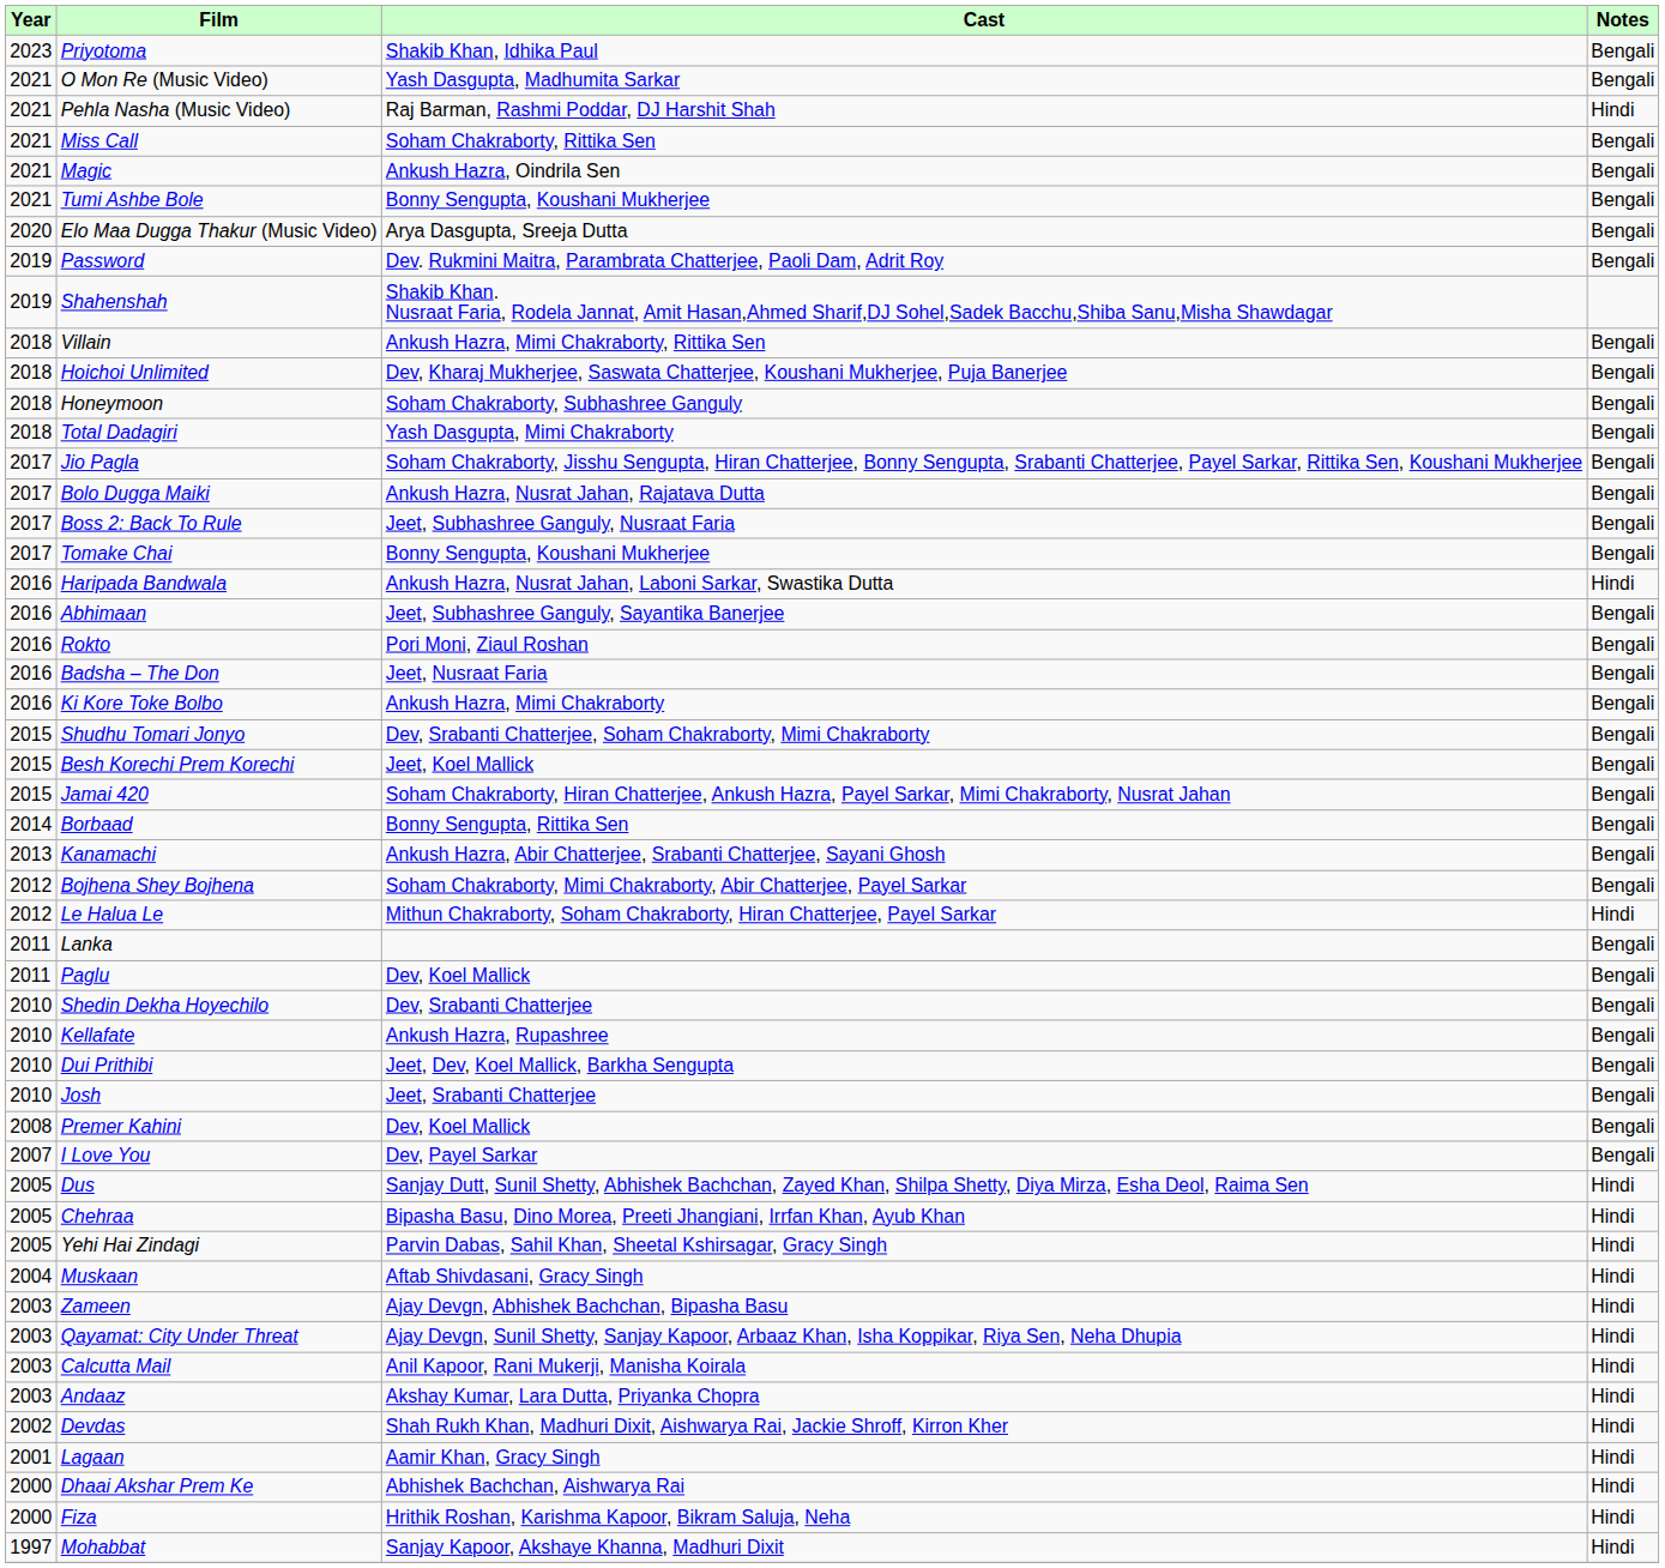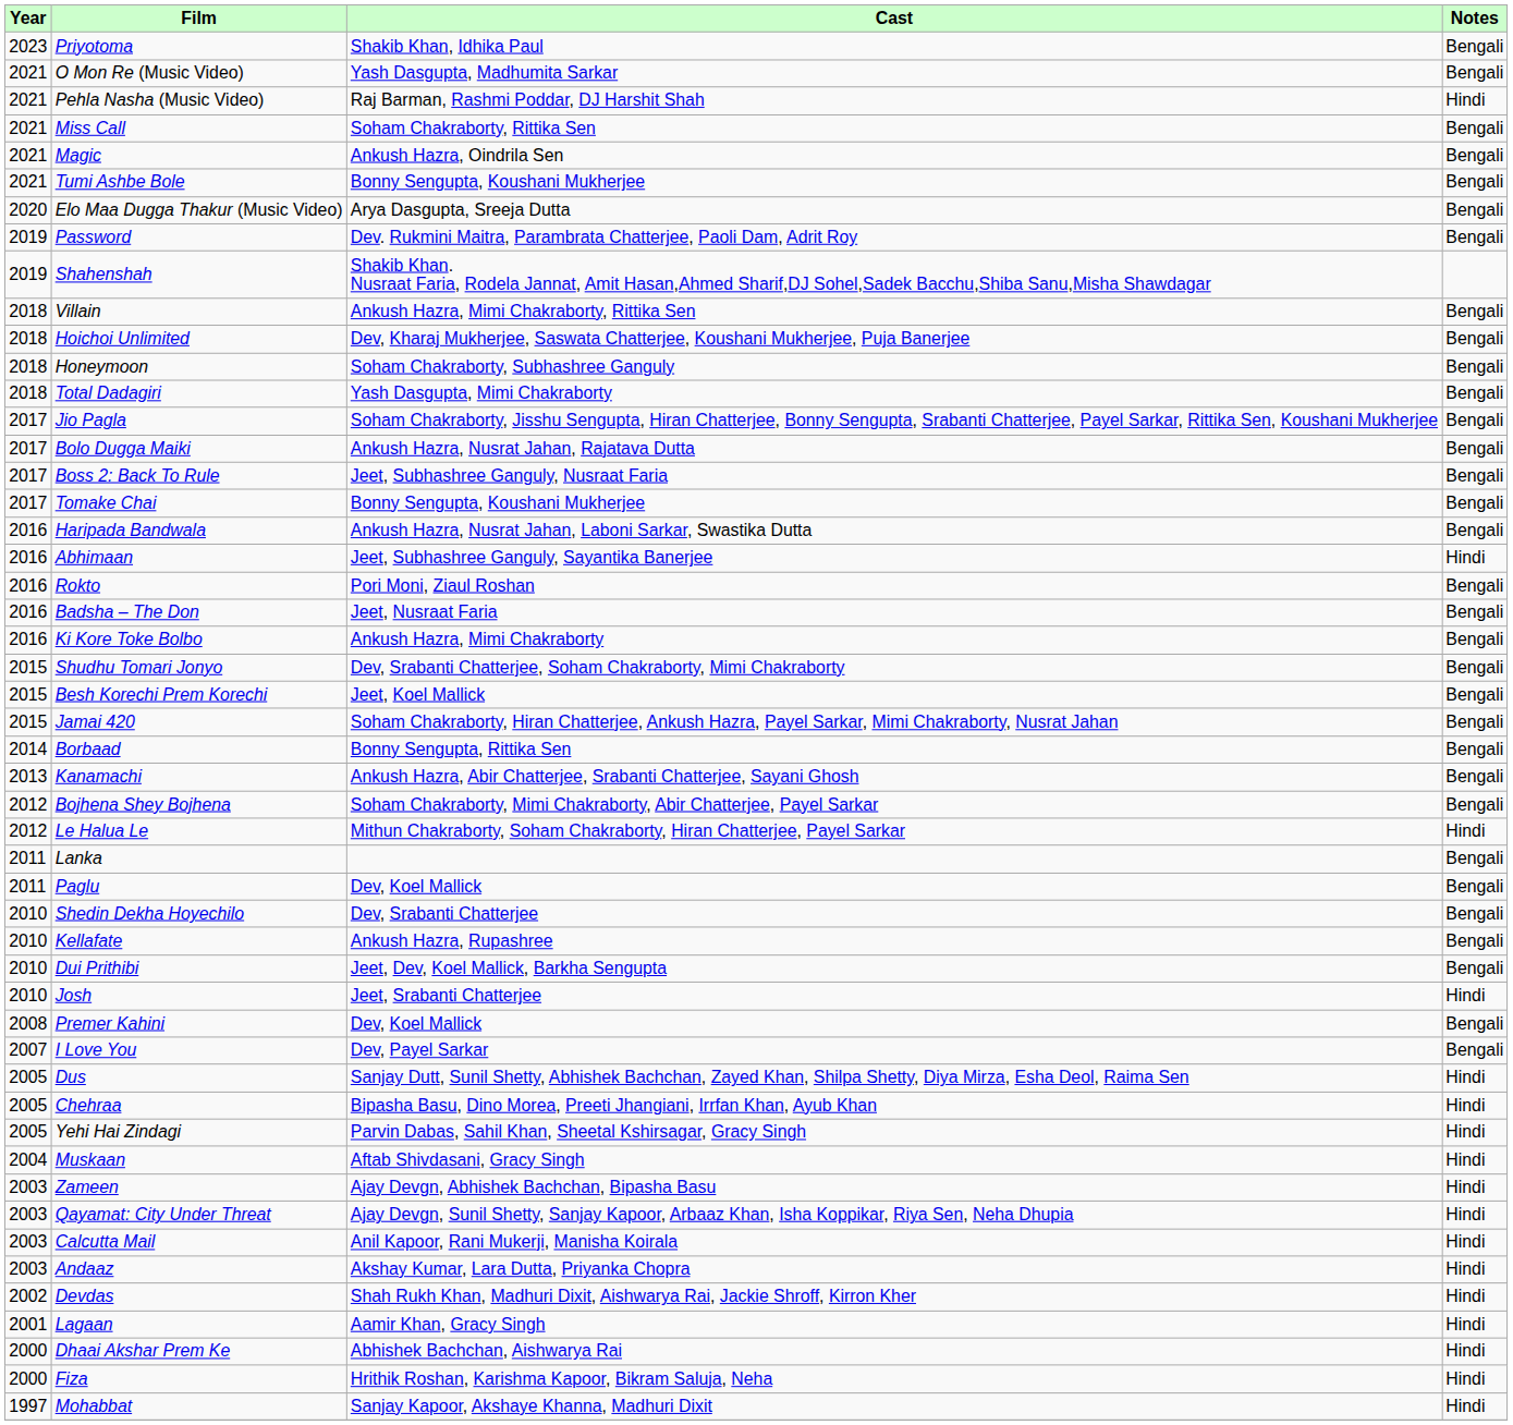 <table class="wikitable">
 <tr>
 <th style="background:#cfc; text-align:center;"><strong>Year</strong></th>
 <th style="background:#cfc; text-align:center;"><strong>Film</strong></th>
 <th style="background:#cfc; text-align:center;"><strong>Cast</strong></th>
 <th style="background:#cfc; text-align:center;"><strong>Notes</strong></th>
 </tr>
 <tr>
 <td>2023</td>
 <td><em><a href='#'>Priyotoma</a></em></td>
 <td><a href='#'>Shakib Khan</a>, <a href='#'>Idhika Paul</a></td>
 <td>Bengali</td>
 </tr>
 <tr>
 <td>2021</td>
 <td><em>O Mon Re</em> (Music Video)</td>
 <td><a href='#'>Yash Dasgupta</a>, <a href='#'>Madhumita Sarkar</a></td>
 <td>Bengali</td>
 </tr>
 <tr>
 <td>2021</td>
 <td><em>Pehla Nasha</em> (Music Video)</td>
 <td>Raj Barman, <a href='#'>Rashmi Poddar</a>, <a href='#'>DJ Harshit Shah</a></td>
 <td>Hindi</td>
 </tr>
 <tr>
 <td>2021</td>
 <td><em><a href='#'>Miss Call</a></em></td>
 <td><a href='#'>Soham Chakraborty</a>, <a href='#'>Rittika Sen</a></td>
 <td>Bengali</td>
 </tr>
 <tr>
 <td>2021</td>
 <td><em><a href='#'>Magic</a></em></td>
 <td><a href='#'>Ankush Hazra</a>, Oindrila Sen</td>
 <td>Bengali</td>
 </tr>
 <tr>
 <td>2021</td>
 <td><em><a href='#'>Tumi Ashbe Bole</a></em></td>
 <td><a href='#'>Bonny Sengupta</a>, <a href='#'>Koushani Mukherjee</a></td>
 <td>Bengali</td>
 </tr>
 <tr>
 <td>2020</td>
 <td><em>Elo Maa Dugga Thakur</em> (Music Video)</td>
 <td>Arya Dasgupta, Sreeja Dutta</td>
 <td>Bengali</td>
 </tr>
 <tr>
 <td>2019</td>
 <td><em><a href='#'>Password</a></em></td>
 <td><a href='#'>Dev</a>. <a href='#'>Rukmini Maitra</a>, <a href='#'>Parambrata Chatterjee</a>, <a href='#'>Paoli Dam</a>, <a href='#'>Adrit Roy</a></td>
 <td>Bengali</td>
 </tr>
 <tr>
 <td>2019</td>
 <td><em><a href='#'>Shahenshah</a></em></td>
 <td><a href='#'>Shakib Khan</a>.<br><a href='#'>Nusraat Faria</a>, <a href='#'>Rodela Jannat</a>, <a href='#'>Amit Hasan</a>,<a href='#'>Ahmed Sharif</a>,<a href='#'>DJ Sohel</a>,<a href='#'>Sadek Bacchu</a>,<a href='#'>Shiba Sanu</a>,<a href='#'>Misha Shawdagar</a></td>
 </tr>
 <tr>
 <td>2018</td>
 <td><em>Villain</em></td>
 <td><a href='#'>Ankush Hazra</a>, <a href='#'>Mimi Chakraborty</a>, <a href='#'>Rittika Sen</a></td>
 <td>Bengali</td>
 </tr>
 <tr>
 <td>2018</td>
 <td><em><a href='#'>Hoichoi Unlimited</a></em></td>
 <td><a href='#'>Dev</a>, <a href='#'>Kharaj Mukherjee</a>, <a href='#'>Saswata Chatterjee</a>, <a href='#'>Koushani Mukherjee</a>, <a href='#'>Puja Banerjee</a></td>
 <td>Bengali</td>
 </tr>
 <tr>
 <td>2018</td>
 <td><em>Honeymoon</em></td>
 <td><a href='#'>Soham Chakraborty</a>, <a href='#'>Subhashree Ganguly</a></td>
 <td>Bengali</td>
 </tr>
 <tr>
 <td>2018</td>
 <td><em><a href='#'>Total Dadagiri</a></em></td>
 <td><a href='#'>Yash Dasgupta</a>, <a href='#'>Mimi Chakraborty</a></td>
 <td>Bengali</td>
 </tr>
 <tr>
 <td>2017</td>
 <td><em><a href='#'>Jio Pagla</a></em></td>
 <td><a href='#'>Soham Chakraborty</a>, <a href='#'>Jisshu Sengupta</a>, <a href='#'>Hiran Chatterjee</a>, <a href='#'>Bonny Sengupta</a>, <a href='#'>Srabanti Chatterjee</a>, <a href='#'>Payel Sarkar</a>, <a href='#'>Rittika Sen</a>, <a href='#'>Koushani Mukherjee</a></td>
 <td>Bengali</td>
 </tr>
 <tr>
 <td>2017</td>
 <td><em><a href='#'>Bolo Dugga Maiki</a></em></td>
 <td><a href='#'>Ankush Hazra</a>, <a href='#'>Nusrat Jahan</a>, <a href='#'>Rajatava Dutta</a></td>
 <td>Bengali</td>
 </tr>
 <tr>
 <td>2017</td>
 <td><em><a href='#'>Boss 2: Back To Rule</a></em></td>
 <td><a href='#'>Jeet</a>, <a href='#'>Subhashree Ganguly</a>, <a href='#'>Nusraat Faria</a></td>
 <td>Bengali</td>
 </tr>
 <tr>
 <td>2017</td>
 <td><em><a href='#'>Tomake Chai</a></em></td>
 <td><a href='#'>Bonny Sengupta</a>, <a href='#'>Koushani Mukherjee</a></td>
 <td>Bengali</td>
 </tr>
 <tr>
 <td>2016</td>
 <td><em><a href='#'>Haripada Bandwala</a></em></td>
 <td><a href='#'>Ankush Hazra</a>, <a href='#'>Nusrat Jahan</a>, <a href='#'>Laboni Sarkar</a>, Swastika Dutta</td>
-<td>Hindi</td>
+<td>Bengali</td>
 </tr>
 <tr>
 <td>2016</td>
 <td><em><a href='#'>Abhimaan</a></em></td>
 <td><a href='#'>Jeet</a>, <a href='#'>Subhashree Ganguly</a>, <a href='#'>Sayantika Banerjee</a></td>
-<td>Bengali</td>
+<td>Hindi</td>
 </tr>
 <tr>
 <td>2016</td>
 <td><em><a href='#'>Rokto</a></em></td>
 <td><a href='#'>Pori Moni</a>, <a href='#'>Ziaul Roshan</a></td>
 <td>Bengali</td>
 </tr>
 <tr>
 <td>2016</td>
 <td><em><a href='#'>Badsha – The Don</a></em></td>
 <td><a href='#'>Jeet</a>, <a href='#'>Nusraat Faria</a></td>
 <td>Bengali</td>
 </tr>
 <tr>
 <td>2016</td>
 <td><em><a href='#'>Ki Kore Toke Bolbo</a></em></td>
 <td><a href='#'>Ankush Hazra</a>, <a href='#'>Mimi Chakraborty</a></td>
 <td>Bengali</td>
 </tr>
 <tr>
 <td>2015</td>
 <td><em><a href='#'>Shudhu Tomari Jonyo</a></em></td>
 <td><a href='#'>Dev</a>, <a href='#'>Srabanti Chatterjee</a>, <a href='#'>Soham Chakraborty</a>, <a href='#'>Mimi Chakraborty</a></td>
 <td>Bengali</td>
 </tr>
 <tr>
 <td>2015</td>
 <td><em><a href='#'>Besh Korechi Prem Korechi</a></em></td>
 <td><a href='#'>Jeet</a>, <a href='#'>Koel Mallick</a></td>
 <td>Bengali</td>
 </tr>
 <tr>
 <td>2015</td>
 <td><em><a href='#'>Jamai 420</a></em></td>
 <td><a href='#'>Soham Chakraborty</a>, <a href='#'>Hiran Chatterjee</a>, <a href='#'>Ankush Hazra</a>, <a href='#'>Payel Sarkar</a>, <a href='#'>Mimi Chakraborty</a>, <a href='#'>Nusrat Jahan</a></td>
 <td>Bengali</td>
 </tr>
 <tr>
 <td>2014</td>
 <td><em><a href='#'>Borbaad</a></em></td>
 <td><a href='#'>Bonny Sengupta</a>, <a href='#'>Rittika Sen</a></td>
 <td>Bengali</td>
 </tr>
 <tr>
 <td>2013</td>
 <td><em><a href='#'>Kanamachi</a></em></td>
 <td><a href='#'>Ankush Hazra</a>, <a href='#'>Abir Chatterjee</a>, <a href='#'>Srabanti Chatterjee</a>, <a href='#'>Sayani Ghosh</a></td>
 <td>Bengali</td>
 </tr>
 <tr>
 <td>2012</td>
 <td><em><a href='#'>Bojhena Shey Bojhena</a></em></td>
 <td><a href='#'>Soham Chakraborty</a>, <a href='#'>Mimi Chakraborty</a>, <a href='#'>Abir Chatterjee</a>, <a href='#'>Payel Sarkar</a></td>
 <td>Bengali</td>
 </tr>
 <tr>
 <td>2012</td>
 <td><em><a href='#'>Le Halua Le</a></em></td>
 <td><a href='#'>Mithun Chakraborty</a>, <a href='#'>Soham Chakraborty</a>, <a href='#'>Hiran Chatterjee</a>, <a href='#'>Payel Sarkar</a></td>
 <td>Hindi</td>
 </tr>
 <tr>
 <td>2011</td>
 <td><em>Lanka</em></td>
 <td></td>
 <td>Bengali</td>
 </tr>
 <tr>
 <td>2011</td>
 <td><em><a href='#'>Paglu</a></em> </td>
 <td><a href='#'>Dev</a>, <a href='#'>Koel Mallick</a></td>
 <td>Bengali</td>
 </tr>
 <tr>
 <td>2010</td>
 <td><em><a href='#'>Shedin Dekha Hoyechilo</a></em></td>
 <td><a href='#'>Dev</a>, <a href='#'>Srabanti Chatterjee</a></td>
 <td>Bengali</td>
 </tr>
 <tr>
 <td>2010</td>
 <td><em><a href='#'>Kellafate</a></em></td>
 <td><a href='#'>Ankush Hazra</a>, <a href='#'>Rupashree</a></td>
 <td>Bengali</td>
 </tr>
 <tr>
 <td>2010</td>
 <td><em><a href='#'>Dui Prithibi</a></em></td>
 <td><a href='#'>Jeet</a>, <a href='#'>Dev</a>, <a href='#'>Koel Mallick</a>, <a href='#'>Barkha Sengupta</a></td>
 <td>Bengali</td>
 </tr>
 <tr>
 <td>2010</td>
 <td><em><a href='#'>Josh</a></em></td>
 <td><a href='#'>Jeet</a>, <a href='#'>Srabanti Chatterjee</a></td>
-<td>Bengali</td>
+<td>Hindi</td>
 </tr>
 <tr>
 <td>2008</td>
 <td><em><a href='#'>Premer Kahini</a></em></td>
 <td><a href='#'>Dev</a>, <a href='#'>Koel Mallick</a></td>
 <td>Bengali</td>
 </tr>
 <tr>
 <td>2007</td>
 <td><em><a href='#'>I Love You</a></em></td>
 <td><a href='#'>Dev</a>, <a href='#'>Payel Sarkar</a></td>
 <td>Bengali</td>
 </tr>
 <tr>
 <td>2005</td>
 <td><em><a href='#'>Dus</a></em></td>
 <td><a href='#'>Sanjay Dutt</a>, <a href='#'>Sunil Shetty</a>, <a href='#'>Abhishek Bachchan</a>, <a href='#'>Zayed Khan</a>, <a href='#'>Shilpa Shetty</a>, <a href='#'>Diya Mirza</a>, <a href='#'>Esha Deol</a>, <a href='#'>Raima Sen</a></td>
 <td>Hindi</td>
 </tr>
 <tr>
 <td>2005</td>
 <td><em><a href='#'>Chehraa</a></em></td>
 <td><a href='#'>Bipasha Basu</a>, <a href='#'>Dino Morea</a>, <a href='#'>Preeti Jhangiani</a>, <a href='#'>Irrfan Khan</a>, <a href='#'>Ayub Khan</a></td>
 <td>Hindi</td>
 </tr>
 <tr>
 <td>2005</td>
 <td><em>Yehi Hai Zindagi</em></td>
 <td><a href='#'>Parvin Dabas</a>, <a href='#'>Sahil Khan</a>, <a href='#'>Sheetal Kshirsagar</a>, <a href='#'>Gracy Singh</a></td>
 <td>Hindi</td>
 </tr>
 <tr>
 <td>2004</td>
 <td><em><a href='#'>Muskaan</a></em></td>
 <td><a href='#'>Aftab Shivdasani</a>, <a href='#'>Gracy Singh</a></td>
 <td>Hindi</td>
 </tr>
 <tr>
 <td>2003</td>
 <td><em><a href='#'>Zameen</a></em></td>
 <td><a href='#'>Ajay Devgn</a>, <a href='#'>Abhishek Bachchan</a>, <a href='#'>Bipasha Basu</a></td>
 <td>Hindi</td>
 </tr>
 <tr>
 <td>2003</td>
 <td><em><a href='#'>Qayamat: City Under Threat</a></em></td>
 <td><a href='#'>Ajay Devgn</a>, <a href='#'>Sunil Shetty</a>, <a href='#'>Sanjay Kapoor</a>, <a href='#'>Arbaaz Khan</a>, <a href='#'>Isha Koppikar</a>, <a href='#'>Riya Sen</a>, <a href='#'>Neha Dhupia</a></td>
 <td>Hindi</td>
 </tr>
 <tr>
 <td>2003</td>
 <td><em><a href='#'>Calcutta Mail</a></em></td>
 <td><a href='#'>Anil Kapoor</a>, <a href='#'>Rani Mukerji</a>, <a href='#'>Manisha Koirala</a></td>
 <td>Hindi</td>
 </tr>
 <tr>
 <td>2003</td>
 <td><em><a href='#'>Andaaz</a></em></td>
 <td><a href='#'>Akshay Kumar</a>, <a href='#'>Lara Dutta</a>, <a href='#'>Priyanka Chopra</a></td>
 <td>Hindi</td>
 </tr>
 <tr>
 <td>2002</td>
 <td><em><a href='#'>Devdas</a></em></td>
 <td><a href='#'>Shah Rukh Khan</a>, <a href='#'>Madhuri Dixit</a>, <a href='#'>Aishwarya Rai</a>, <a href='#'>Jackie Shroff</a>, <a href='#'>Kirron Kher</a></td>
 <td>Hindi</td>
 </tr>
 <tr>
 <td>2001</td>
 <td><em><a href='#'>Lagaan</a></em></td>
 <td><a href='#'>Aamir Khan</a>, <a href='#'>Gracy Singh</a></td>
 <td>Hindi</td>
 </tr>
 <tr>
 <td>2000</td>
 <td><em><a href='#'>Dhaai Akshar Prem Ke</a></em></td>
 <td><a href='#'>Abhishek Bachchan</a>, <a href='#'>Aishwarya Rai</a></td>
 <td>Hindi</td>
 </tr>
 <tr>
 <td>2000</td>
 <td><em><a href='#'>Fiza</a></em></td>
 <td><a href='#'>Hrithik Roshan</a>, <a href='#'>Karishma Kapoor</a>, <a href='#'>Bikram Saluja</a>, <a href='#'>Neha</a></td>
 <td>Hindi</td>
 </tr>
 <tr>
 <td>1997</td>
 <td><em><a href='#'>Mohabbat</a></em> </td>
 <td><a href='#'>Sanjay Kapoor</a>, <a href='#'>Akshaye Khanna</a>, <a href='#'>Madhuri Dixit</a></td>
 <td>Hindi</td>
 </tr>
 <tr>
 </tr>
 </table>
